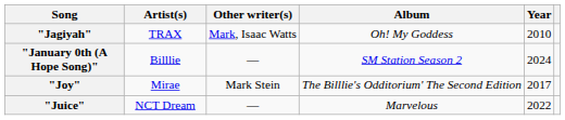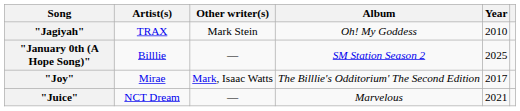 <table class="wikitable sortable plainrowheaders" style="text-align:center;">
 <tr>
 <th scope="col" width="150">Song</th>
 <th scope="col" width="100">Artist(s)</th>
 <th scope="col" class="unsortable">Other writer(s)</th>
 <th scope="col" data-sort-type="text">Album</th>
 <th scope="col">Year</th>
 <th scope="col" class="unsortable"></th>
 </tr>
 <tr>
 <th scope="row">"Jagiyah"</th>
 <td><a href='#'>TRAX</a></td>
-<td><a href='#'>Mark</a>, Isaac Watts</td>
+<td>Mark Stein</td>
 <td><em>Oh! My Goddess</em></td>
 <td>2010</td>
 <td style="text-align:center;"></td>
 </tr>
 <tr>
 <th scope="row">"January 0th (A Hope Song)"</th>
 <td><a href='#'>Billlie</a></td>
 <td>—</td>
 <td><em><a href='#'>SM Station Season 2</a></em></td>
-<td>2024</td>
+<td>2025</td>
 <td style="text-align:center;"></td>
 </tr>
 <tr>
 <th scope="row">"Joy"</th>
 <td><a href='#'>Mirae</a></td>
-<td>Mark Stein</td>
+<td><a href='#'>Mark</a>, Isaac Watts</td>
 <td><em>The Billlie's Odditorium' The Second Edition</em></td>
 <td>2017</td>
 <td style="text-align:center;"></td>
 </tr>
 <tr>
 <th scope="row">"Juice"</th>
 <td><a href='#'>NCT Dream</a></td>
 <td>—</td>
 <td><em>Marvelous</em></td>
-<td>2022</td>
+<td>2021</td>
 <td style="text-align:center;"></td>
 </tr>
 </table>
